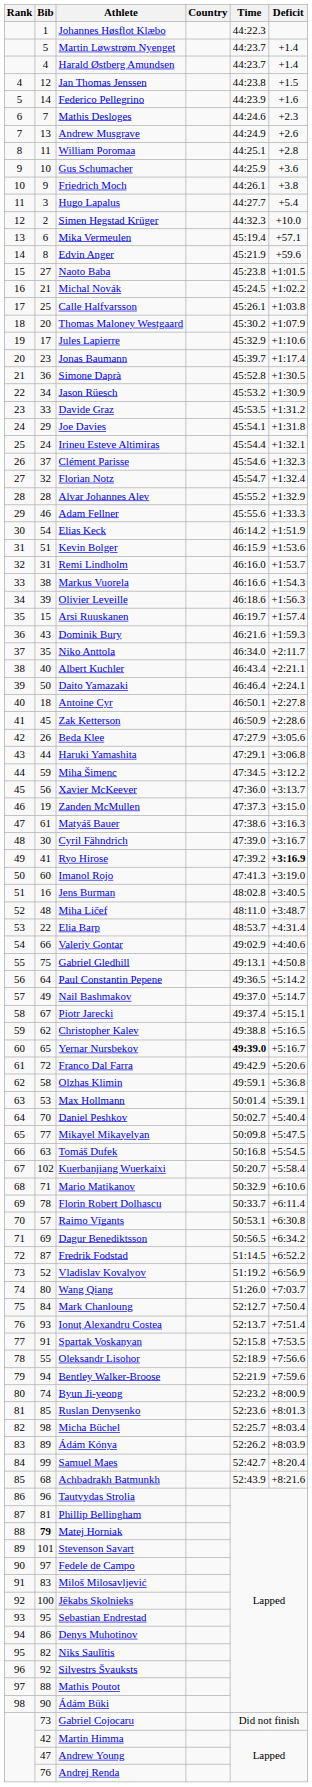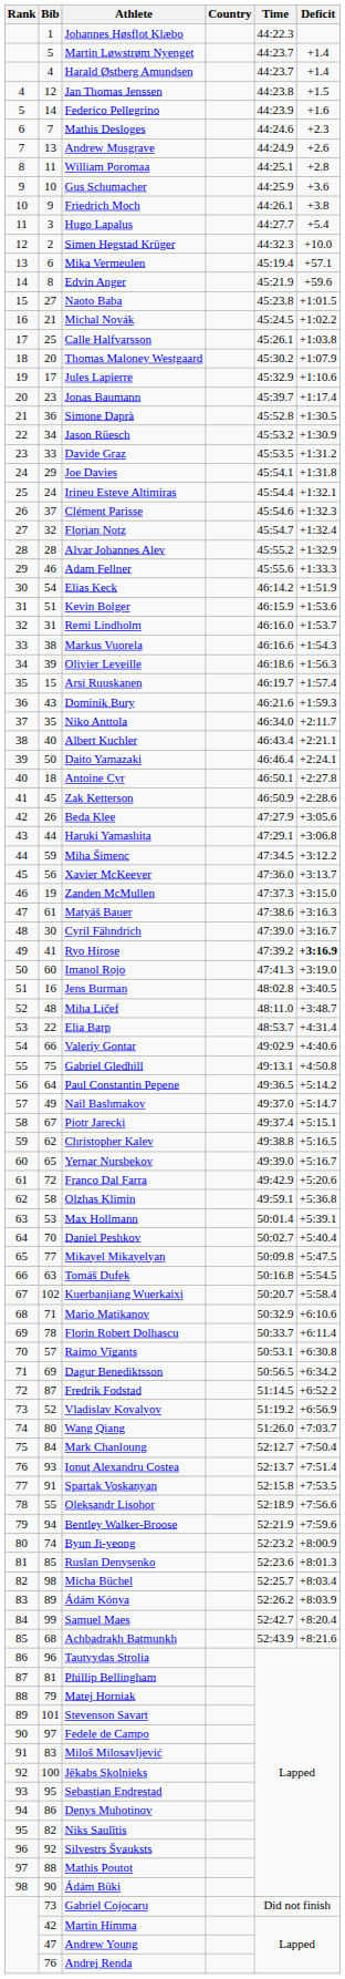 <table class="wikitable sortable" style="text-align:center">
 <tr>
 <th>Rank</th>
 <th>Bib</th>
 <th>Athlete</th>
 <th>Country</th>
 <th>Time</th>
 <th>Deficit</th>
 </tr>
 <tr>
 <td></td>
 <td>1</td>
 <td align=left><a href='#'>Johannes Høsflot Klæbo</a></td>
 <td align=left></td>
 <td>44:22.3</td>
 <td></td>
 </tr>
 <tr>
 <td></td>
 <td>5</td>
 <td align=left><a href='#'>Martin Løwstrøm Nyenget</a></td>
 <td align=left></td>
 <td>44:23.7</td>
 <td>+1.4</td>
 </tr>
 <tr>
 <td></td>
 <td>4</td>
 <td align=left><a href='#'>Harald Østberg Amundsen</a></td>
 <td align=left></td>
 <td>44:23.7</td>
 <td>+1.4</td>
 </tr>
 <tr>
 <td>4</td>
 <td>12</td>
 <td align=left><a href='#'>Jan Thomas Jenssen</a></td>
 <td align=left></td>
 <td>44:23.8</td>
 <td>+1.5</td>
 </tr>
 <tr>
 <td>5</td>
 <td>14</td>
 <td align=left><a href='#'>Federico Pellegrino</a></td>
 <td align=left></td>
 <td>44:23.9</td>
 <td>+1.6</td>
 </tr>
 <tr>
 <td>6</td>
 <td>7</td>
 <td align=left><a href='#'>Mathis Desloges</a></td>
 <td align=left></td>
 <td>44:24.6</td>
 <td>+2.3</td>
 </tr>
 <tr>
 <td>7</td>
 <td>13</td>
 <td align=left><a href='#'>Andrew Musgrave</a></td>
 <td align=left></td>
 <td>44:24.9</td>
 <td>+2.6</td>
 </tr>
 <tr>
 <td>8</td>
 <td>11</td>
 <td align=left><a href='#'>William Poromaa</a></td>
 <td align=left></td>
 <td>44:25.1</td>
 <td>+2.8</td>
 </tr>
 <tr>
 <td>9</td>
 <td>10</td>
 <td align=left><a href='#'>Gus Schumacher</a></td>
 <td align=left></td>
 <td>44:25.9</td>
 <td>+3.6</td>
 </tr>
 <tr>
 <td>10</td>
 <td>9</td>
 <td align=left><a href='#'>Friedrich Moch</a></td>
 <td align=left></td>
 <td>44:26.1</td>
 <td>+3.8</td>
 </tr>
 <tr>
 <td>11</td>
 <td>3</td>
 <td align=left><a href='#'>Hugo Lapalus</a></td>
 <td align=left></td>
 <td>44:27.7</td>
 <td>+5.4</td>
 </tr>
 <tr>
 <td>12</td>
 <td>2</td>
 <td align=left><a href='#'>Simen Hegstad Krüger</a></td>
 <td align=left></td>
 <td>44:32.3</td>
 <td>+10.0</td>
 </tr>
 <tr>
 <td>13</td>
 <td>6</td>
 <td align=left><a href='#'>Mika Vermeulen</a></td>
 <td align=left></td>
 <td>45:19.4</td>
 <td>+57.1</td>
 </tr>
 <tr>
 <td>14</td>
 <td>8</td>
 <td align=left><a href='#'>Edvin Anger</a></td>
 <td align=left></td>
 <td>45:21.9</td>
 <td>+59.6</td>
 </tr>
 <tr>
 <td>15</td>
 <td>27</td>
 <td align=left><a href='#'>Naoto Baba</a></td>
 <td align=left></td>
 <td>45:23.8</td>
 <td>+1:01.5</td>
 </tr>
 <tr>
 <td>16</td>
 <td>21</td>
 <td align=left><a href='#'>Michal Novák</a></td>
 <td align=left></td>
 <td>45:24.5</td>
 <td>+1:02.2</td>
 </tr>
 <tr>
 <td>17</td>
 <td>25</td>
 <td align=left><a href='#'>Calle Halfvarsson</a></td>
 <td align=left></td>
 <td>45:26.1</td>
 <td>+1:03.8</td>
 </tr>
 <tr>
 <td>18</td>
 <td>20</td>
 <td align=left><a href='#'>Thomas Maloney Westgaard</a></td>
 <td align=left></td>
 <td>45:30.2</td>
 <td>+1:07.9</td>
 </tr>
 <tr>
 <td>19</td>
 <td>17</td>
 <td align=left><a href='#'>Jules Lapierre</a></td>
 <td align=left></td>
 <td>45:32.9</td>
 <td>+1:10.6</td>
 </tr>
 <tr>
 <td>20</td>
 <td>23</td>
 <td align=left><a href='#'>Jonas Baumann</a></td>
 <td align=left></td>
 <td>45:39.7</td>
 <td>+1:17.4</td>
 </tr>
 <tr>
 <td>21</td>
 <td>36</td>
 <td align=left><a href='#'>Simone Daprà</a></td>
 <td align=left></td>
 <td>45:52.8</td>
 <td>+1:30.5</td>
 </tr>
 <tr>
 <td>22</td>
 <td>34</td>
 <td align=left><a href='#'>Jason Rüesch</a></td>
 <td align=left></td>
 <td>45:53.2</td>
 <td>+1:30.9</td>
 </tr>
 <tr>
 <td>23</td>
 <td>33</td>
 <td align=left><a href='#'>Davide Graz</a></td>
 <td align=left></td>
 <td>45:53.5</td>
 <td>+1:31.2</td>
 </tr>
 <tr>
 <td>24</td>
 <td>29</td>
 <td align=left><a href='#'>Joe Davies</a></td>
 <td align=left></td>
 <td>45:54.1</td>
 <td>+1:31.8</td>
 </tr>
 <tr>
 <td>25</td>
 <td>24</td>
 <td align=left><a href='#'>Irineu Esteve Altimiras</a></td>
 <td align=left></td>
 <td>45:54.4</td>
 <td>+1:32.1</td>
 </tr>
 <tr>
 <td>26</td>
 <td>37</td>
 <td align=left><a href='#'>Clément Parisse</a></td>
 <td align=left></td>
 <td>45:54.6</td>
 <td>+1:32.3</td>
 </tr>
 <tr>
 <td>27</td>
 <td>32</td>
 <td align=left><a href='#'>Florian Notz</a></td>
 <td align=left></td>
 <td>45:54.7</td>
 <td>+1:32.4</td>
 </tr>
 <tr>
 <td>28</td>
 <td>28</td>
 <td align=left><a href='#'>Alvar Johannes Alev</a></td>
 <td align=left></td>
 <td>45:55.2</td>
 <td>+1:32.9</td>
 </tr>
 <tr>
 <td>29</td>
 <td>46</td>
 <td align=left><a href='#'>Adam Fellner</a></td>
 <td align=left></td>
 <td>45:55.6</td>
 <td>+1:33.3</td>
 </tr>
 <tr>
 <td>30</td>
 <td>54</td>
 <td align=left><a href='#'>Elias Keck</a></td>
 <td align=left></td>
 <td>46:14.2</td>
 <td>+1:51.9</td>
 </tr>
 <tr>
 <td>31</td>
 <td>51</td>
 <td align=left><a href='#'>Kevin Bolger</a></td>
 <td align=left></td>
 <td>46:15.9</td>
 <td>+1:53.6</td>
 </tr>
 <tr>
 <td>32</td>
 <td>31</td>
 <td align=left><a href='#'>Remi Lindholm</a></td>
 <td align=left></td>
 <td>46:16.0</td>
 <td>+1:53.7</td>
 </tr>
 <tr>
 <td>33</td>
 <td>38</td>
 <td align=left><a href='#'>Markus Vuorela</a></td>
 <td align=left></td>
 <td>46:16.6</td>
 <td>+1:54.3</td>
 </tr>
 <tr>
 <td>34</td>
 <td>39</td>
 <td align=left><a href='#'>Olivier Leveille</a></td>
 <td align=left></td>
 <td>46:18.6</td>
 <td>+1:56.3</td>
 </tr>
 <tr>
 <td>35</td>
 <td>15</td>
 <td align=left><a href='#'>Arsi Ruuskanen</a></td>
 <td align=left></td>
 <td>46:19.7</td>
 <td>+1:57.4</td>
 </tr>
 <tr>
 <td>36</td>
 <td>43</td>
 <td align=left><a href='#'>Dominik Bury</a></td>
 <td align=left></td>
 <td>46:21.6</td>
 <td>+1:59.3</td>
 </tr>
 <tr>
 <td>37</td>
 <td>35</td>
 <td align=left><a href='#'>Niko Anttola</a></td>
 <td align=left></td>
 <td>46:34.0</td>
 <td>+2:11.7</td>
 </tr>
 <tr>
 <td>38</td>
 <td>40</td>
 <td align=left><a href='#'>Albert Kuchler</a></td>
 <td align=left></td>
 <td>46:43.4</td>
 <td>+2:21.1</td>
 </tr>
 <tr>
 <td>39</td>
 <td>50</td>
 <td align=left><a href='#'>Daito Yamazaki</a></td>
 <td align=left></td>
 <td>46:46.4</td>
 <td>+2:24.1</td>
 </tr>
 <tr>
 <td>40</td>
 <td>18</td>
 <td align=left><a href='#'>Antoine Cyr</a></td>
 <td align=left></td>
 <td>46:50.1</td>
 <td>+2:27.8</td>
 </tr>
 <tr>
 <td>41</td>
 <td>45</td>
 <td align=left><a href='#'>Zak Ketterson</a></td>
 <td align=left></td>
 <td>46:50.9</td>
 <td>+2:28.6</td>
 </tr>
 <tr>
 <td>42</td>
 <td>26</td>
 <td align=left><a href='#'>Beda Klee</a></td>
 <td align=left></td>
 <td>47:27.9</td>
 <td>+3:05.6</td>
 </tr>
 <tr>
 <td>43</td>
 <td>44</td>
 <td align=left><a href='#'>Haruki Yamashita</a></td>
 <td align=left></td>
 <td>47:29.1</td>
 <td>+3:06.8</td>
 </tr>
 <tr>
 <td>44</td>
 <td>59</td>
 <td align=left><a href='#'>Miha Šimenc</a></td>
 <td align=left></td>
 <td>47:34.5</td>
 <td>+3:12.2</td>
 </tr>
 <tr>
 <td>45</td>
 <td>56</td>
 <td align=left><a href='#'>Xavier McKeever</a></td>
 <td align=left></td>
 <td>47:36.0</td>
 <td>+3:13.7</td>
 </tr>
 <tr>
 <td>46</td>
 <td>19</td>
 <td align=left><a href='#'>Zanden McMullen</a></td>
 <td align=left></td>
 <td>47:37.3</td>
 <td>+3:15.0</td>
 </tr>
 <tr>
 <td>47</td>
 <td>61</td>
 <td align=left><a href='#'>Matyáš Bauer</a></td>
 <td align=left></td>
 <td>47:38.6</td>
 <td>+3:16.3</td>
 </tr>
 <tr>
 <td>48</td>
 <td>30</td>
 <td align=left><a href='#'>Cyril Fähndrich</a></td>
 <td align=left></td>
 <td>47:39.0</td>
 <td>+3:16.7</td>
 </tr>
 <tr>
 <td>49</td>
 <td>41</td>
 <td align=left><a href='#'>Ryo Hirose</a></td>
 <td align=left></td>
 <td>47:39.2</td>
 <td><strong>+3:16.9</strong></td>
 </tr>
 <tr>
 <td>50</td>
 <td>60</td>
 <td align=left><a href='#'>Imanol Rojo</a></td>
 <td align=left></td>
 <td>47:41.3</td>
 <td>+3:19.0</td>
 </tr>
 <tr>
 <td>51</td>
 <td>16</td>
 <td align=left><a href='#'>Jens Burman</a></td>
 <td align=left></td>
 <td>48:02.8</td>
 <td>+3:40.5</td>
 </tr>
 <tr>
 <td>52</td>
 <td>48</td>
 <td align=left><a href='#'>Miha Ličef</a></td>
 <td align=left></td>
 <td>48:11.0</td>
 <td>+3:48.7</td>
 </tr>
 <tr>
 <td>53</td>
 <td>22</td>
 <td align=left><a href='#'>Elia Barp</a></td>
 <td align=left></td>
 <td>48:53.7</td>
 <td>+4:31.4</td>
 </tr>
 <tr>
 <td>54</td>
 <td>66</td>
 <td align=left><a href='#'>Valeriy Gontar</a></td>
 <td align=left></td>
 <td>49:02.9</td>
 <td>+4:40.6</td>
 </tr>
 <tr>
 <td>55</td>
 <td>75</td>
 <td align=left><a href='#'>Gabriel Gledhill</a></td>
 <td align=left></td>
 <td>49:13.1</td>
 <td>+4:50.8</td>
 </tr>
 <tr>
 <td>56</td>
 <td>64</td>
 <td align=left><a href='#'>Paul Constantin Pepene</a></td>
 <td align=left></td>
 <td>49:36.5</td>
 <td>+5:14.2</td>
 </tr>
 <tr>
 <td>57</td>
 <td>49</td>
 <td align=left><a href='#'>Nail Bashmakov</a></td>
 <td align=left></td>
 <td>49:37.0</td>
 <td>+5:14.7</td>
 </tr>
 <tr>
 <td>58</td>
 <td>67</td>
 <td align=left><a href='#'>Piotr Jarecki</a></td>
 <td align=left></td>
 <td>49:37.4</td>
 <td>+5:15.1</td>
 </tr>
 <tr>
 <td>59</td>
 <td>62</td>
 <td align=left><a href='#'>Christopher Kalev</a></td>
 <td align=left></td>
 <td>49:38.8</td>
 <td>+5:16.5</td>
 </tr>
 <tr>
 <td>60</td>
 <td>65</td>
 <td align=left><a href='#'>Yernar Nursbekov</a></td>
 <td align=left></td>
-<td><strong>49:39.0</strong></td>
+<td>49:39.0</td>
 <td>+5:16.7</td>
 </tr>
 <tr>
 <td>61</td>
 <td>72</td>
 <td align=left><a href='#'>Franco Dal Farra</a></td>
 <td align=left></td>
 <td>49:42.9</td>
 <td>+5:20.6</td>
 </tr>
 <tr>
 <td>62</td>
 <td>58</td>
 <td align=left><a href='#'>Olzhas Klimin</a></td>
 <td align=left></td>
 <td>49:59.1</td>
 <td>+5:36.8</td>
 </tr>
 <tr>
 <td>63</td>
 <td>53</td>
 <td align=left><a href='#'>Max Hollmann</a></td>
 <td align=left></td>
 <td>50:01.4</td>
 <td>+5:39.1</td>
 </tr>
 <tr>
 <td>64</td>
 <td>70</td>
 <td align=left><a href='#'>Daniel Peshkov</a></td>
 <td align=left></td>
 <td>50:02.7</td>
 <td>+5:40.4</td>
 </tr>
 <tr>
 <td>65</td>
 <td>77</td>
 <td align=left><a href='#'>Mikayel Mikayelyan</a></td>
 <td align=left></td>
 <td>50:09.8</td>
 <td>+5:47.5</td>
 </tr>
 <tr>
 <td>66</td>
 <td>63</td>
 <td align=left><a href='#'>Tomáš Dufek</a></td>
 <td align=left></td>
 <td>50:16.8</td>
 <td>+5:54.5</td>
 </tr>
 <tr>
 <td>67</td>
 <td>102</td>
 <td align=left><a href='#'>Kuerbanjiang Wuerkaixi</a></td>
 <td align=left></td>
 <td>50:20.7</td>
 <td>+5:58.4</td>
 </tr>
 <tr>
 <td>68</td>
 <td>71</td>
 <td align=left><a href='#'>Mario Matikanov</a></td>
 <td align=left></td>
 <td>50:32.9</td>
 <td>+6:10.6</td>
 </tr>
 <tr>
 <td>69</td>
 <td>78</td>
 <td align=left><a href='#'>Florin Robert Dolhascu</a></td>
 <td align=left></td>
 <td>50:33.7</td>
 <td>+6:11.4</td>
 </tr>
 <tr>
 <td>70</td>
 <td>57</td>
 <td align=left><a href='#'>Raimo Vīgants</a></td>
 <td align=left></td>
 <td>50:53.1</td>
 <td>+6:30.8</td>
 </tr>
 <tr>
 <td>71</td>
 <td>69</td>
 <td align=left><a href='#'>Dagur Benediktsson</a></td>
 <td align=left></td>
 <td>50:56.5</td>
 <td>+6:34.2</td>
 </tr>
 <tr>
 <td>72</td>
 <td>87</td>
 <td align=left><a href='#'>Fredrik Fodstad</a></td>
 <td align=left></td>
 <td>51:14.5</td>
 <td>+6:52.2</td>
 </tr>
 <tr>
 <td>73</td>
 <td>52</td>
 <td align=left><a href='#'>Vladislav Kovalyov</a></td>
 <td align=left></td>
 <td>51:19.2</td>
 <td>+6:56.9</td>
 </tr>
 <tr>
 <td>74</td>
 <td>80</td>
 <td align=left><a href='#'>Wang Qiang</a></td>
 <td align=left></td>
 <td>51:26.0</td>
 <td>+7:03.7</td>
 </tr>
 <tr>
 <td>75</td>
 <td>84</td>
 <td align=left><a href='#'>Mark Chanloung</a></td>
 <td align=left></td>
 <td>52:12.7</td>
 <td>+7:50.4</td>
 </tr>
 <tr>
 <td>76</td>
 <td>93</td>
 <td align=left><a href='#'>Ionuț Alexandru Costea</a></td>
 <td align=left></td>
 <td>52:13.7</td>
 <td>+7:51.4</td>
 </tr>
 <tr>
 <td>77</td>
 <td>91</td>
 <td align=left><a href='#'>Spartak Voskanyan</a></td>
 <td align=left></td>
 <td>52:15.8</td>
 <td>+7:53.5</td>
 </tr>
 <tr>
 <td>78</td>
 <td>55</td>
 <td align=left><a href='#'>Oleksandr Lisohor</a></td>
 <td align=left></td>
 <td>52:18.9</td>
 <td>+7:56.6</td>
 </tr>
 <tr>
 <td>79</td>
 <td>94</td>
 <td align=left><a href='#'>Bentley Walker-Broose</a></td>
 <td align=left></td>
 <td>52:21.9</td>
 <td>+7:59.6</td>
 </tr>
 <tr>
 <td>80</td>
 <td>74</td>
 <td align=left><a href='#'>Byun Ji-yeong</a></td>
 <td align=left></td>
 <td>52:23.2</td>
 <td>+8:00.9</td>
 </tr>
 <tr>
 <td>81</td>
 <td>85</td>
 <td align=left><a href='#'>Ruslan Denysenko</a></td>
 <td align=left></td>
 <td>52:23.6</td>
 <td>+8:01.3</td>
 </tr>
 <tr>
 <td>82</td>
 <td>98</td>
 <td align=left><a href='#'>Micha Büchel</a></td>
 <td align=left></td>
 <td>52:25.7</td>
 <td>+8:03.4</td>
 </tr>
 <tr>
 <td>83</td>
 <td>89</td>
 <td align=left><a href='#'>Ádám Kónya</a></td>
 <td align=left></td>
 <td>52:26.2</td>
 <td>+8:03.9</td>
 </tr>
 <tr>
 <td>84</td>
 <td>99</td>
 <td align=left><a href='#'>Samuel Maes</a></td>
 <td align=left></td>
 <td>52:42.7</td>
 <td>+8:20.4</td>
 </tr>
 <tr>
 <td>85</td>
 <td>68</td>
 <td align=left><a href='#'>Achbadrakh Batmunkh</a></td>
 <td align=left></td>
 <td>52:43.9</td>
 <td>+8:21.6</td>
 </tr>
 <tr>
 <td>86</td>
 <td>96</td>
 <td align=left><a href='#'>Tautvydas Strolia</a></td>
 <td align=left></td>
 <td colspan=2 rowspan=13>Lapped</td>
 </tr>
 <tr>
 <td>87</td>
 <td>81</td>
 <td align=left><a href='#'>Phillip Bellingham</a></td>
 <td align=left></td>
 </tr>
 <tr>
 <td>88</td>
-<td><strong>79</strong></td>
+<td>79</td>
 <td align=left><a href='#'>Matej Horniak</a></td>
 <td align=left></td>
 </tr>
 <tr>
 <td>89</td>
 <td>101</td>
 <td align=left><a href='#'>Stevenson Savart</a></td>
 <td align=left></td>
 </tr>
 <tr>
 <td>90</td>
 <td>97</td>
 <td align=left><a href='#'>Fedele de Campo</a></td>
 <td align=left></td>
 </tr>
 <tr>
 <td>91</td>
 <td>83</td>
 <td align=left><a href='#'>Miloš Milosavljević</a></td>
 <td align=left></td>
 </tr>
 <tr>
 <td>92</td>
 <td>100</td>
 <td align=left><a href='#'>Jēkabs Skolnieks</a></td>
 <td align=left></td>
 </tr>
 <tr>
 <td>93</td>
 <td>95</td>
 <td align=left><a href='#'>Sebastian Endrestad</a></td>
 <td align=left></td>
 </tr>
 <tr>
 <td>94</td>
 <td>86</td>
 <td align=left><a href='#'>Denys Muhotinov</a></td>
 <td align=left></td>
 </tr>
 <tr>
 <td>95</td>
 <td>82</td>
 <td align=left><a href='#'>Niks Saulītis</a></td>
 <td align=left></td>
 </tr>
 <tr>
 <td>96</td>
 <td>92</td>
 <td align=left><a href='#'>Silvestrs Švauksts</a></td>
 <td align=left></td>
 </tr>
 <tr>
 <td>97</td>
 <td>88</td>
 <td align=left><a href='#'>Mathis Poutot</a></td>
 <td align=left></td>
 </tr>
 <tr>
 <td>98</td>
 <td>90</td>
 <td align=left><a href='#'>Ádám Büki</a></td>
 <td align=left></td>
 </tr>
 <tr>
 <td rowspan=4></td>
 <td>73</td>
 <td align=left><a href='#'>Gabriel Cojocaru</a></td>
 <td align=left></td>
 <td colspan=2>Did not finish</td>
 </tr>
 <tr>
 <td>42</td>
 <td align=left><a href='#'>Martin Himma</a></td>
 <td align=left></td>
 <td colspan=2 rowspan=3>Lapped</td>
 </tr>
 <tr>
 <td>47</td>
 <td align=left><a href='#'>Andrew Young</a></td>
 <td align=left></td>
 </tr>
 <tr>
 <td>76</td>
 <td align=left><a href='#'>Andrej Renda</a></td>
 <td align=left></td>
 </tr>
 </table>
